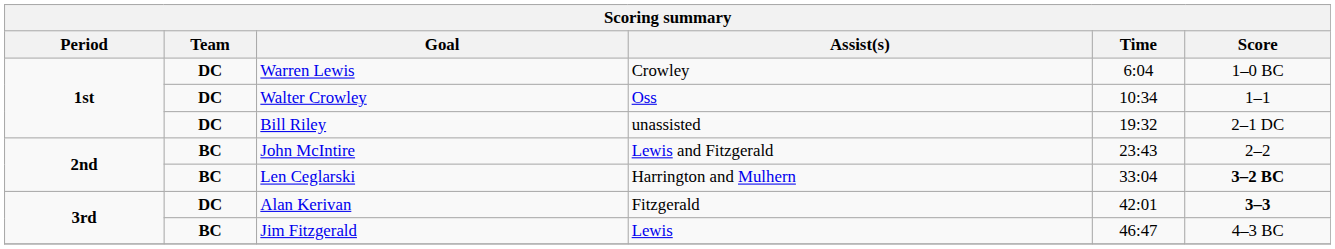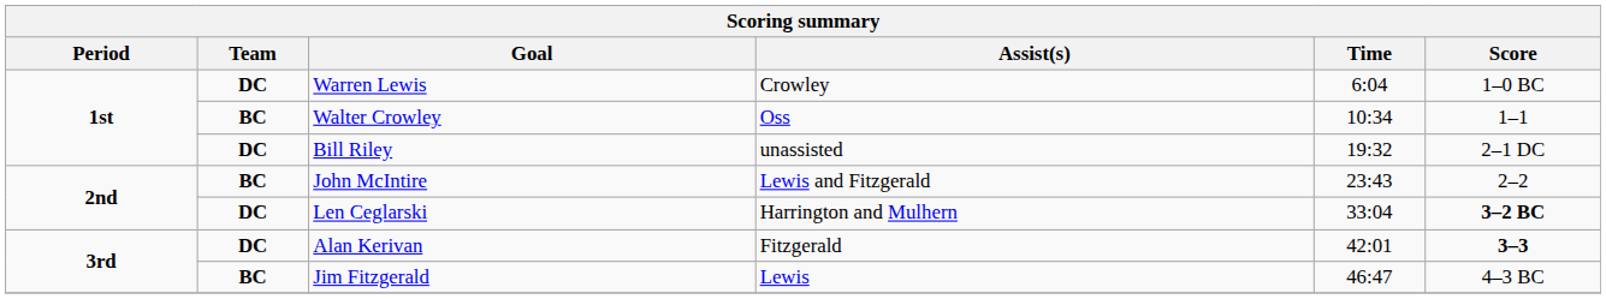 <table style="width:100%;" class="wikitable">
 <tr>
 <th colspan=6>Scoring summary</th>
 </tr>
 <tr>
 <th style="width:12%;">Period</th>
 <th style="width:7%;">Team</th>
 <th style="width:28%;">Goal</th>
 <th style="width:35%;">Assist(s)</th>
 <th style="width:7%;">Time</th>
 <th style="width:11%;">Score</th>
 </tr>
 <tr>
 <td style="text-align:center;" rowspan="3"><strong>1st</strong></td>
 <td align=center><strong>DC</strong></td>
 <td><a href='#'>Warren Lewis</a></td>
 <td>Crowley</td>
 <td align=center>6:04</td>
 <td align=center>1–0 BC</td>
 </tr>
 <tr>
-<td align=center><strong>DC</strong></td>
+<td align=center><strong>BC</strong></td>
 <td><a href='#'>Walter Crowley</a></td>
 <td><a href='#'>Oss</a></td>
 <td align=center>10:34</td>
 <td align=center>1–1</td>
 </tr>
 <tr>
 <td align=center><strong>DC</strong></td>
 <td><a href='#'>Bill Riley</a></td>
 <td>unassisted</td>
 <td align=center>19:32</td>
 <td align=center>2–1 DC</td>
 </tr>
 <tr>
 <td style="text-align:center;" rowspan="2"><strong>2nd</strong></td>
 <td align=center><strong>BC</strong></td>
 <td><a href='#'>John McIntire</a></td>
 <td><a href='#'>Lewis</a> and Fitzgerald</td>
 <td align=center>23:43</td>
 <td align=center>2–2</td>
 </tr>
 <tr>
-<td align=center><strong>BC</strong></td>
+<td align=center><strong>DC</strong></td>
 <td><a href='#'>Len Ceglarski</a></td>
 <td>Harrington and <a href='#'>Mulhern</a></td>
 <td align=center>33:04</td>
 <td align=center><strong>3–2 BC</strong></td>
 </tr>
 <tr>
 <td style="text-align:center;" rowspan="2"><strong>3rd</strong></td>
 <td align=center><strong>DC</strong></td>
 <td><a href='#'>Alan Kerivan</a></td>
 <td>Fitzgerald</td>
 <td align=center>42:01</td>
 <td align=center><strong>3–3</strong></td>
 </tr>
 <tr>
 <td align=center><strong>BC</strong></td>
 <td><a href='#'>Jim Fitzgerald</a></td>
 <td><a href='#'>Lewis</a></td>
 <td align=center>46:47</td>
 <td align=center>4–3 BC</td>
 </tr>
 <tr>
 </tr>
 </table>
